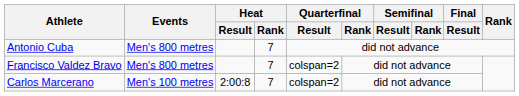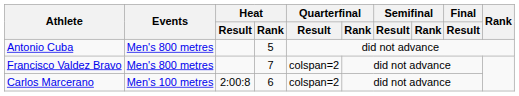 <table class=wikitable style="font-size:90%">
 <tr>
 <th rowspan="2">Athlete</th>
 <th rowspan="2">Events</th>
 <th colspan="2">Heat</th>
 <th colspan="2">Quarterfinal</th>
 <th colspan="2">Semifinal</th>
 <th>Final</th>
 <th rowspan="2">Rank</th>
 </tr>
 <tr>
 <th>Result</th>
 <th>Rank</th>
 <th>Result</th>
 <th>Rank</th>
 <th>Result</th>
 <th>Rank</th>
 <th>Result</th>
 </tr>
 <tr>
 <td><a href='#'>Antonio Cuba</a></td>
 <td><a href='#'>Men's 800 metres</a></td>
 <td align=center></td>
-<td align=center>7</td>
+<td align=center>5</td>
 <td align=center colspan=6>did not advance</td>
 </tr>
 <tr>
 <td><a href='#'>Francisco Valdez Bravo</a></td>
 <td><a href='#'>Men's 800 metres</a></td>
 <td align=center></td>
 <td align=center>7</td>
 <td>colspan=2 </td>
 <td align=center colspan=4>did not advance</td>
 </tr>
 <tr>
 <td><a href='#'>Carlos Marcerano</a></td>
 <td><a href='#'>Men's 100 metres</a></td>
 <td align=center>2:00:8</td>
-<td align=center>7</td>
+<td align=center>6</td>
 <td>colspan=2 </td>
 <td align=center colspan=4>did not advance</td>
 </tr>
 </table>
